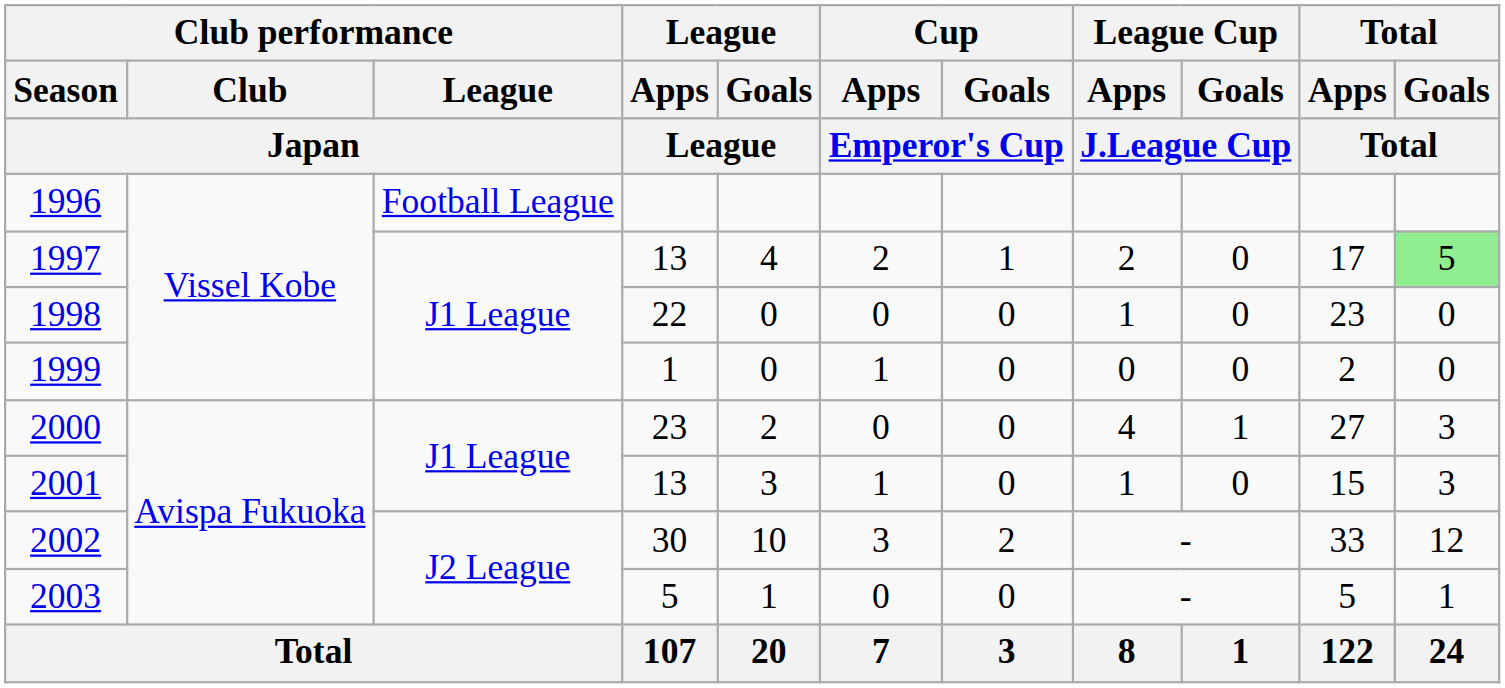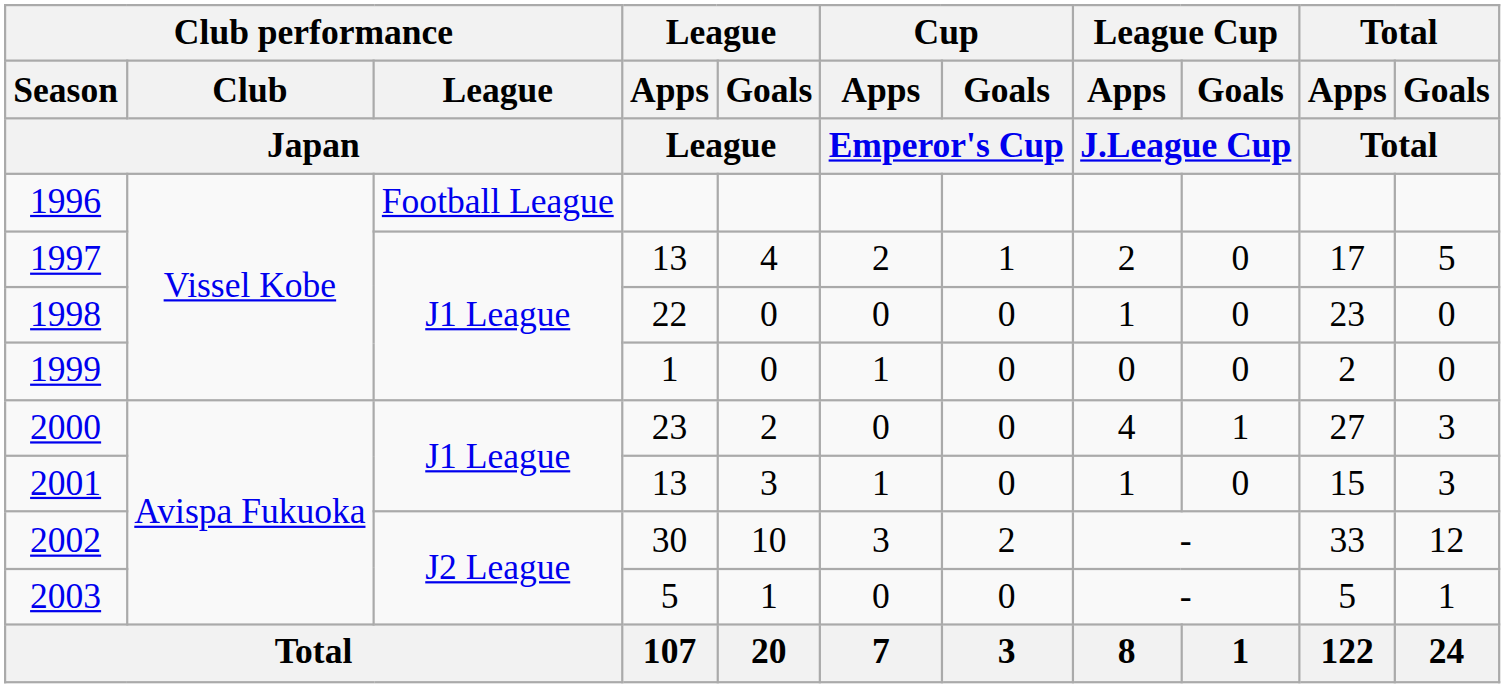 <table class="wikitable" style="text-align:center;">
 <tr>
 <th colspan=3>Club performance</th>
 <th colspan=2>League</th>
 <th colspan=2>Cup</th>
 <th colspan=2>League Cup</th>
 <th colspan=2>Total</th>
 </tr>
 <tr>
 <th>Season</th>
 <th>Club</th>
 <th>League</th>
 <th>Apps</th>
 <th>Goals</th>
 <th>Apps</th>
 <th>Goals</th>
 <th>Apps</th>
 <th>Goals</th>
 <th>Apps</th>
 <th>Goals</th>
 </tr>
 <tr>
 <th colspan=3>Japan</th>
 <th colspan=2>League</th>
 <th colspan=2><a href='#'>Emperor's Cup</a></th>
 <th colspan=2><a href='#'>J.League Cup</a></th>
 <th colspan=2>Total</th>
 </tr>
 <tr>
 <td><a href='#'>1996</a></td>
 <td rowspan="4"><a href='#'>Vissel Kobe</a></td>
 <td><a href='#'>Football League</a></td>
 <td></td>
 <td></td>
 <td></td>
 <td></td>
 <td></td>
 <td></td>
 <td></td>
 <td></td>
 </tr>
 <tr>
 <td><a href='#'>1997</a></td>
 <td rowspan="3"><a href='#'>J1 League</a></td>
 <td>13</td>
 <td>4</td>
 <td>2</td>
 <td>1</td>
 <td>2</td>
 <td>0</td>
 <td>17</td>
-<td style="background: lightgreen;">5</td>
+<td>5</td>
 </tr>
 <tr>
 <td><a href='#'>1998</a></td>
 <td>22</td>
 <td>0</td>
 <td>0</td>
 <td>0</td>
 <td>1</td>
 <td>0</td>
 <td>23</td>
 <td>0</td>
 </tr>
 <tr>
 <td><a href='#'>1999</a></td>
 <td>1</td>
 <td>0</td>
 <td>1</td>
 <td>0</td>
 <td>0</td>
 <td>0</td>
 <td>2</td>
 <td>0</td>
 </tr>
 <tr>
 <td><a href='#'>2000</a></td>
 <td rowspan="4"><a href='#'>Avispa Fukuoka</a></td>
 <td rowspan="2"><a href='#'>J1 League</a></td>
 <td>23</td>
 <td>2</td>
 <td>0</td>
 <td>0</td>
 <td>4</td>
 <td>1</td>
 <td>27</td>
 <td>3</td>
 </tr>
 <tr>
 <td><a href='#'>2001</a></td>
 <td>13</td>
 <td>3</td>
 <td>1</td>
 <td>0</td>
 <td>1</td>
 <td>0</td>
 <td>15</td>
 <td>3</td>
 </tr>
 <tr>
 <td><a href='#'>2002</a></td>
 <td rowspan="2"><a href='#'>J2 League</a></td>
 <td>30</td>
 <td>10</td>
 <td>3</td>
 <td>2</td>
 <td colspan="2">-</td>
 <td>33</td>
 <td>12</td>
 </tr>
 <tr>
 <td><a href='#'>2003</a></td>
 <td>5</td>
 <td>1</td>
 <td>0</td>
 <td>0</td>
 <td colspan="2">-</td>
 <td>5</td>
 <td>1</td>
 </tr>
 <tr>
 <th colspan=3>Total</th>
 <th>107</th>
 <th>20</th>
 <th>7</th>
 <th>3</th>
 <th>8</th>
 <th>1</th>
 <th>122</th>
 <th>24</th>
 </tr>
 </table>
